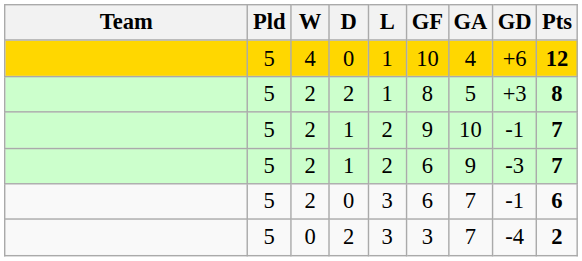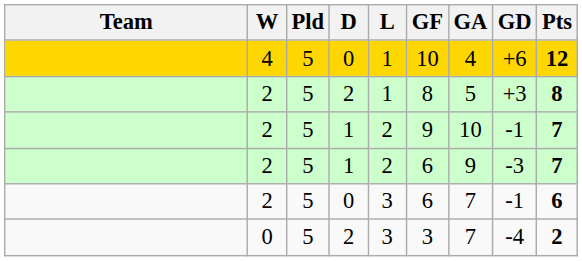 <table class="wikitable" style="text-align: center;">
 <tr>
 <th width="165">Team</th>
+<th width="20">W</th>
 <th width="20">Pld</th>
-<th width="20">W</th>
 <th width="20">D</th>
 <th width="20">L</th>
 <th width="20">GF</th>
 <th width="20">GA</th>
 <th width="20">GD</th>
 <th width="20">Pts</th>
 </tr>
 <tr style="background:gold">
 <td align=left></td>
+<td>4</td>
 <td>5</td>
-<td>4</td>
 <td>0</td>
 <td>1</td>
 <td>10</td>
 <td>4</td>
 <td>+6</td>
 <td><strong>12</strong></td>
 </tr>
 <tr bgcolor="#CCFFCC">
 <td align=left></td>
+<td>2</td>
 <td>5</td>
-<td>2</td>
 <td>2</td>
 <td>1</td>
 <td>8</td>
 <td>5</td>
 <td>+3</td>
 <td><strong>8</strong></td>
 </tr>
 <tr bgcolor= "#CCFFCC">
 <td align=left></td>
+<td>2</td>
 <td>5</td>
-<td>2</td>
 <td>1</td>
 <td>2</td>
 <td>9</td>
 <td>10</td>
 <td>-1</td>
 <td><strong>7</strong></td>
 </tr>
 <tr bgcolor="#CCFFCC">
 <td align=left></td>
+<td>2</td>
 <td>5</td>
-<td>2</td>
 <td>1</td>
 <td>2</td>
 <td>6</td>
 <td>9</td>
 <td>-3</td>
 <td><strong>7</strong></td>
 </tr>
 <tr>
 <td align=left></td>
+<td>2</td>
 <td>5</td>
-<td>2</td>
 <td>0</td>
 <td>3</td>
 <td>6</td>
 <td>7</td>
 <td>-1</td>
 <td><strong>6</strong></td>
 </tr>
 <tr>
 <td align=left></td>
+<td>0</td>
 <td>5</td>
-<td>0</td>
 <td>2</td>
 <td>3</td>
 <td>3</td>
 <td>7</td>
 <td>-4</td>
 <td><strong>2</strong></td>
 </tr>
 </table>
